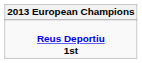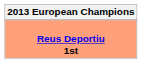 <table class="wikitable" style="text-align: center; margin: 0 auto;">
 <tr>
 <th>2013 European Champions</th>
 </tr>
 <tr>
 </tr>
 <tr>
-<td><br><strong><a href='#'>Reus Deportiu</a></strong><br><strong>1st</strong></td>
+<td style="background: lightsalmon;"><br><strong><a href='#'>Reus Deportiu</a></strong><br><strong>1st</strong></td>
 </tr>
 </table>
